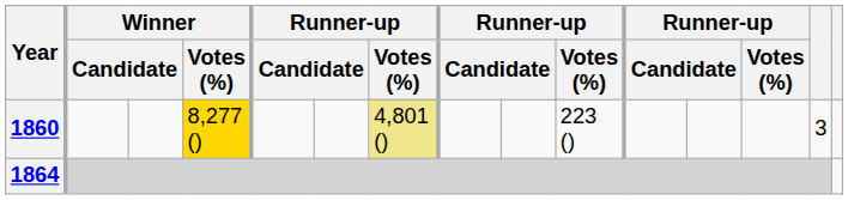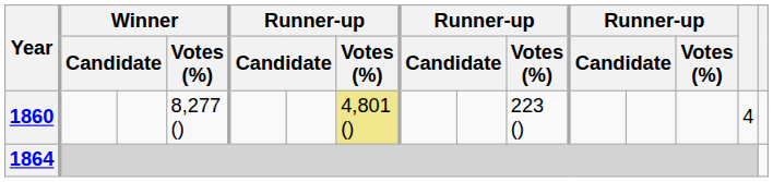 <table class="wikitable">
 <tr>
 <th scope=col rowspan="2">Year</th>
 <th scope=colgroup colspan="3" style="border-left:3px solid darkgray;">Winner</th>
 <th scope=colgroup colspan="3" style="border-left:3px solid darkgray;">Runner-up</th>
 <th scope=colgroup colspan="3" style="border-left:3px solid darkgray;">Runner-up</th>
 <th scope=colgroup colspan="3" style="border-left:3px solid darkgray;">Runner-up</th>
 <th scope="col" rowspan="2"></th>
 <th scope="col" class="unsortable" rowspan="2"></th>
 </tr>
 <tr>
 <th scope="colgroup" style="border-left:3px solid darkgray;" colspan="2">Candidate</th>
 <th scope="col" data-sort-type="number">Votes<br>(%)</th>
 <th scope="colgroup" style="border-left:3px solid darkgray;" colspan="2">Candidate</th>
 <th scope="col" data-sort-type="number">Votes<br>(%)</th>
 <th scope="colgroup" style="border-left:3px solid darkgray;" colspan="2">Candidate</th>
 <th>Votes<br>(%)</th>
 <th scope="colgroup" style="border-left:3px solid darkgray;" colspan="2">Candidate</th>
 <th>Votes<br>(%)</th>
 </tr>
 <tr>
 <th scope="row"> <a href='#'>1860</a></th>
 <td style="text-align:left; border-left:3px solid darkgray; background-color:"></td>
 <td><strong></strong> </td>
-<td style="background: gold;">8,277<br>()</td>
+<td>8,277<br>()</td>
 <td style="text-align:left; border-left:3px solid darkgray; background-color:"></td>
 <td> </td>
 <td style="background: khaki;">4,801<br>()</td>
 <td style="text-align:left; border-left:3px solid darkgray; background-color:"></td>
 <td> </td>
 <td>223<br>()</td>
 <td style="text-align:left; border-left:3px solid darkgray; background-color:"></td>
 <td> </td>
 <td></td>
-<td>3</td>
+<td>4</td>
 <td></td>
 </tr>
 <tr>
 <th> <a href='#'>1864</a></th>
 <td colspan="13" style="text-align:left; border-left:3px solid darkgray; background:#D3D3D3;"></td>
 <td></td>
 </tr>
 </table>
